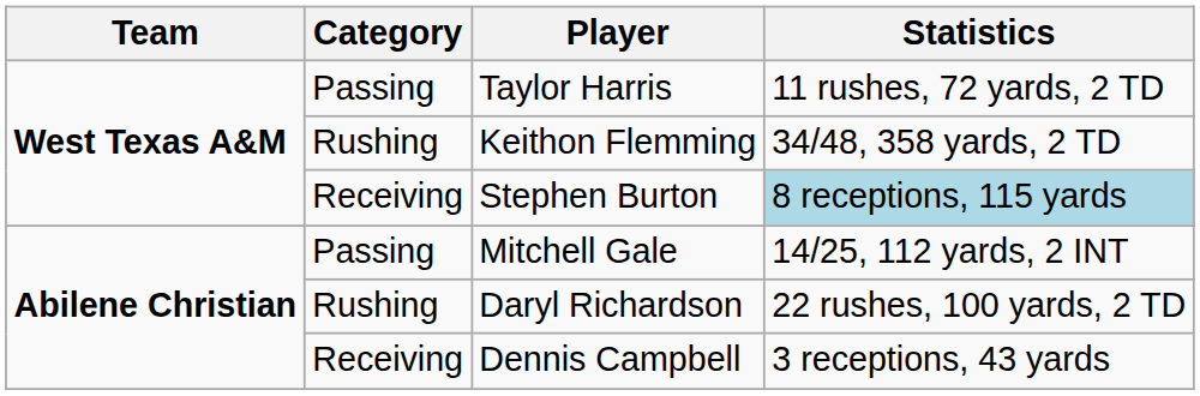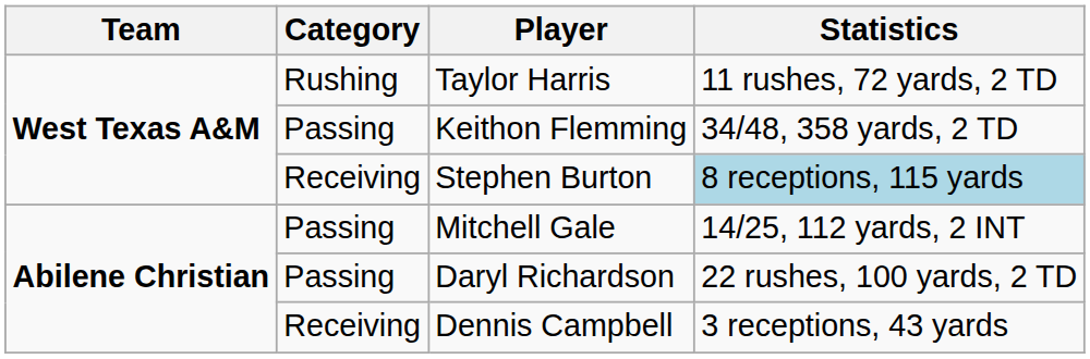 <table class="wikitable" style="float: right;">
 <tr>
 <th>Team</th>
 <th>Category</th>
 <th>Player</th>
 <th>Statistics</th>
 </tr>
 <tr>
 <td rowspan=3><strong>West Texas A&M</strong></td>
-<td>Passing</td>
+<td>Rushing</td>
 <td>Taylor Harris</td>
 <td>11 rushes, 72 yards, 2 TD</td>
 </tr>
 <tr>
-<td>Rushing</td>
+<td>Passing</td>
 <td>Keithon Flemming</td>
 <td>34/48, 358 yards, 2 TD</td>
 </tr>
 <tr>
 <td>Receiving</td>
 <td>Stephen Burton</td>
 <td style="background: lightblue;">8 receptions, 115 yards</td>
 </tr>
 <tr>
 <td rowspan=3><strong>Abilene Christian</strong></td>
 <td>Passing</td>
 <td>Mitchell Gale</td>
 <td>14/25, 112 yards, 2 INT</td>
 </tr>
 <tr>
-<td>Rushing</td>
+<td>Passing</td>
 <td>Daryl Richardson</td>
 <td>22 rushes, 100 yards, 2 TD</td>
 </tr>
 <tr>
 <td>Receiving</td>
 <td>Dennis Campbell</td>
 <td>3 receptions, 43 yards</td>
 </tr>
 </table>
